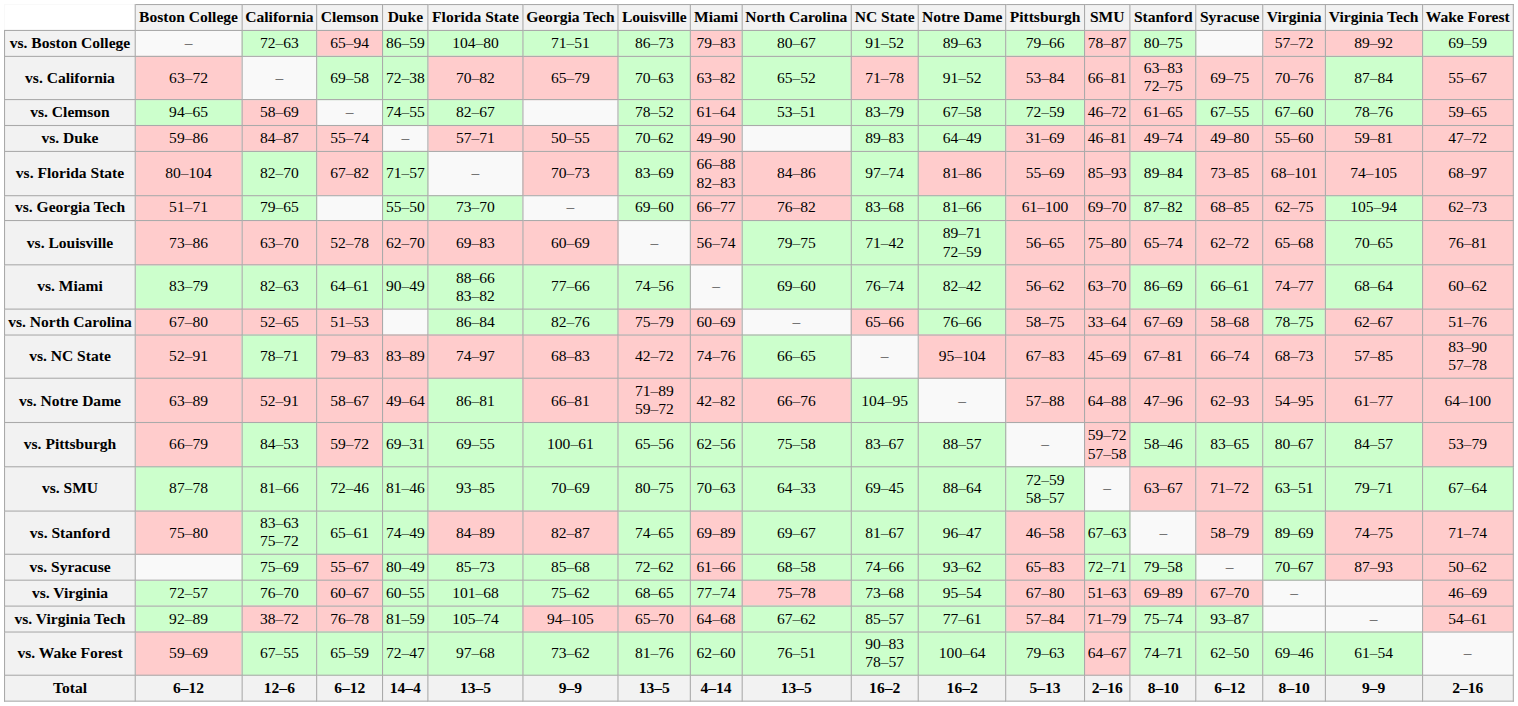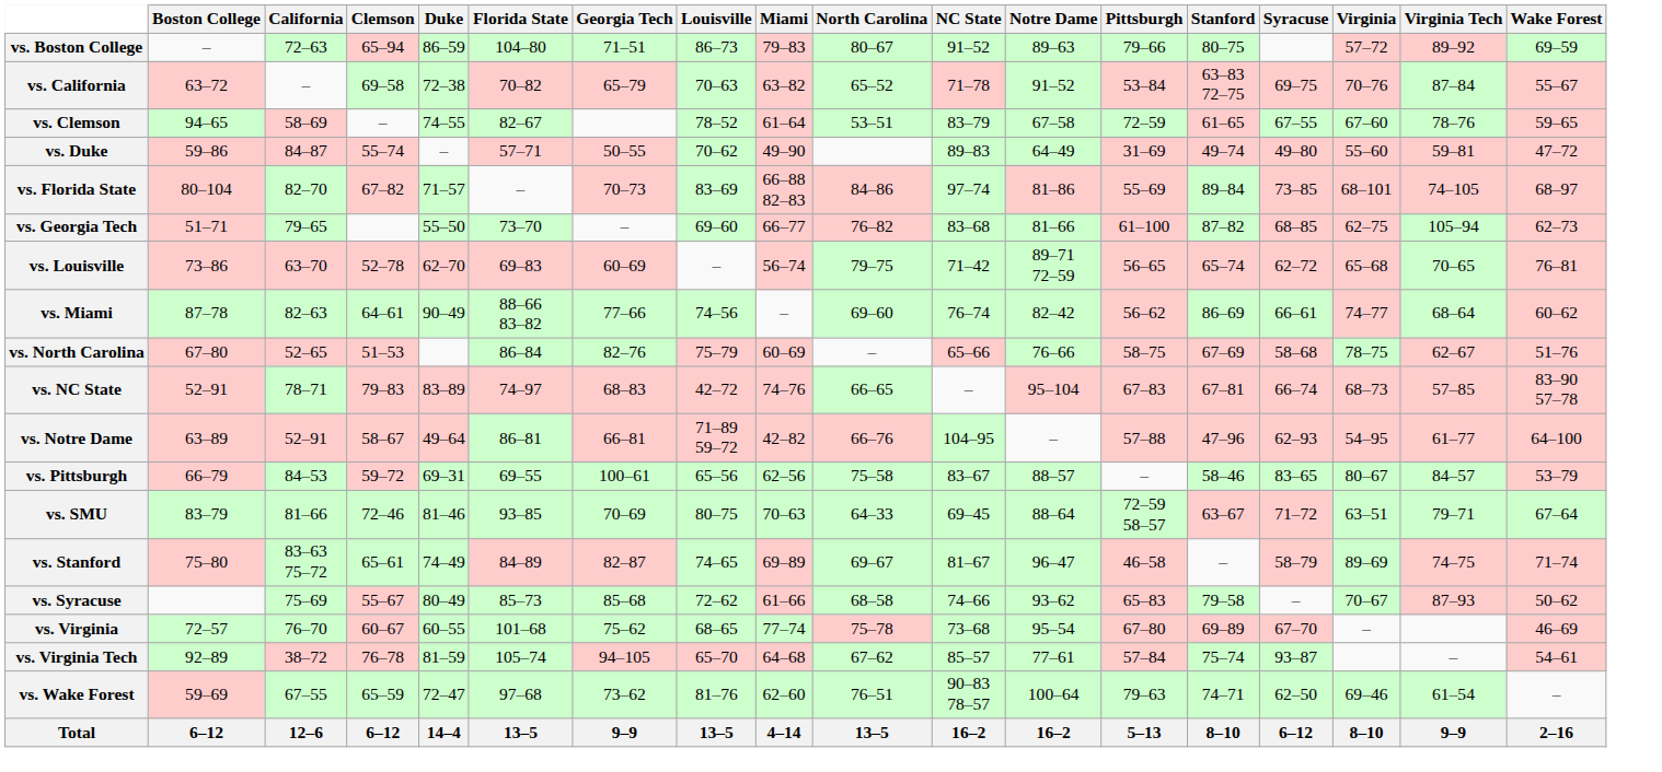 <table class="wikitable" style="white-space:nowrap;font-size:90%;">
 <tr>
 <th colspan=1 style="background:white; border-top-style:hidden; border-left-style:hidden;"   width=75> </th>
 <th>Boston College</th>
 <th>California</th>
 <th>Clemson</th>
 <th>Duke</th>
 <th>Florida State</th>
 <th>Georgia Tech</th>
 <th>Louisville</th>
 <th>Miami</th>
 <th>North Carolina</th>
 <th>NC State</th>
 <th>Notre Dame</th>
 <th>Pittsburgh</th>
-<th>SMU</th>
 <th>Stanford</th>
 <th>Syracuse</th>
 <th>Virginia</th>
 <th>Virginia Tech</th>
 <th>Wake Forest</th>
 </tr>
 <tr style="text-align:center;">
 <th>vs. Boston College</th>
 <td>–</td>
 <td bgcolor=#cfc>72–63</td>
 <td bgcolor=#fcc>65–94</td>
 <td bgcolor=#cfc>86–59</td>
 <td bgcolor=#cfc>104–80</td>
 <td bgcolor=#cfc>71–51</td>
 <td bgcolor=#cfc>86–73</td>
 <td bgcolor=#fcc>79–83</td>
 <td bgcolor=#cfc>80–67</td>
 <td bgcolor=#cfc>91–52</td>
 <td bgcolor=#cfc>89–63</td>
 <td bgcolor=#cfc>79–66</td>
-<td bgcolor=#fcc>78–87</td>
 <td bgcolor=#cfc>80–75</td>
 <td></td>
 <td bgcolor=#fcc>57–72</td>
 <td bgcolor=#fcc>89–92</td>
 <td bgcolor=#cfc>69–59</td>
 </tr>
 <tr style="text-align:center;">
 <th>vs. California</th>
 <td bgcolor=#fcc>63–72</td>
 <td>–</td>
 <td bgcolor=#cfc>69–58</td>
 <td bgcolor=#cfc>72–38</td>
 <td bgcolor=#fcc>70–82</td>
 <td bgcolor=#fcc>65–79</td>
 <td bgcolor=#cfc>70–63</td>
 <td bgcolor=#fcc>63–82</td>
 <td bgcolor=#cfc>65–52</td>
 <td bgcolor=#fcc>71–78</td>
 <td bgcolor=#cfc>91–52</td>
 <td bgcolor=#fcc>53–84</td>
-<td bgcolor=#fcc>66–81</td>
 <td bgcolor=#fcc>63–83<br>72–75</td>
 <td bgcolor=#fcc>69–75</td>
 <td bgcolor=#fcc>70–76</td>
 <td bgcolor=#cfc>87–84</td>
 <td bgcolor=#fcc>55–67</td>
 </tr>
 <tr style="text-align:center;">
 <th>vs. Clemson</th>
 <td bgcolor=#cfc>94–65</td>
 <td bgcolor=#fcc>58–69</td>
 <td>–</td>
 <td bgcolor=#cfc>74–55</td>
 <td bgcolor=#cfc>82–67</td>
 <td></td>
 <td bgcolor=#cfc>78–52</td>
 <td bgcolor=#fcc>61–64</td>
 <td bgcolor=#cfc>53–51</td>
 <td bgcolor=#cfc>83–79</td>
 <td bgcolor=#cfc>67–58</td>
 <td bgcolor=#cfc>72–59</td>
-<td bgcolor=#fcc>46–72</td>
 <td bgcolor=#fcc>61–65</td>
 <td bgcolor=#cfc>67–55</td>
 <td bgcolor=#cfc>67–60</td>
 <td bgcolor=#cfc>78–76</td>
 <td bgcolor=#fcc>59–65</td>
 </tr>
 <tr style="text-align:center;">
 <th>vs. Duke</th>
 <td bgcolor=#fcc>59–86</td>
 <td bgcolor=#fcc>84–87</td>
 <td bgcolor=#fcc>55–74</td>
 <td>–</td>
 <td bgcolor=#fcc>57–71</td>
 <td bgcolor=#fcc>50–55</td>
 <td bgcolor=#cfc>70–62</td>
 <td bgcolor=#fcc>49–90</td>
 <td></td>
 <td bgcolor=#cfc>89–83</td>
 <td bgcolor=#cfc>64–49</td>
 <td bgcolor=#fcc>31–69</td>
-<td bgcolor=#fcc>46–81</td>
 <td bgcolor=#fcc>49–74</td>
 <td bgcolor=#fcc>49–80</td>
 <td bgcolor=#fcc>55–60</td>
 <td bgcolor=#fcc>59–81</td>
 <td bgcolor=#fcc>47–72</td>
 </tr>
 <tr style="text-align:center;">
 <th>vs. Florida State</th>
 <td bgcolor=#fcc>80–104</td>
 <td bgcolor=#cfc>82–70</td>
 <td bgcolor=#fcc>67–82</td>
 <td bgcolor=#cfc>71–57</td>
 <td>–</td>
 <td bgcolor=#fcc>70–73</td>
 <td bgcolor=#cfc>83–69</td>
 <td bgcolor=#fcc>66–88<br>82–83</td>
 <td bgcolor=#fcc>84–86</td>
 <td bgcolor=#cfc>97–74</td>
 <td bgcolor=#fcc>81–86</td>
 <td bgcolor=#fcc>55–69</td>
-<td bgcolor=#fcc>85–93</td>
 <td bgcolor=#cfc>89–84</td>
 <td bgcolor=#fcc>73–85</td>
 <td bgcolor=#fcc>68–101</td>
 <td bgcolor=#fcc>74–105</td>
 <td bgcolor=#fcc>68–97</td>
 </tr>
 <tr style="text-align:center;">
 <th>vs. Georgia Tech</th>
 <td bgcolor=#fcc>51–71</td>
 <td bgcolor=#cfc>79–65</td>
 <td></td>
 <td bgcolor=#cfc>55–50</td>
 <td bgcolor=#cfc>73–70</td>
 <td>–</td>
 <td bgcolor=#cfc>69–60</td>
 <td bgcolor=#fcc>66–77</td>
 <td bgcolor=#fcc>76–82</td>
 <td bgcolor=#cfc>83–68</td>
 <td bgcolor=#cfc>81–66</td>
 <td bgcolor=#fcc>61–100</td>
-<td bgcolor=#fcc>69–70</td>
 <td bgcolor=#cfc>87–82</td>
 <td bgcolor=#fcc>68–85</td>
 <td bgcolor=#fcc>62–75</td>
 <td bgcolor=#cfc>105–94</td>
 <td bgcolor=#fcc>62–73</td>
 </tr>
 <tr style="text-align:center;">
 <th>vs. Louisville</th>
 <td bgcolor=#fcc>73–86</td>
 <td bgcolor=#fcc>63–70</td>
 <td bgcolor=#fcc>52–78</td>
 <td bgcolor=#fcc>62–70</td>
 <td bgcolor=#fcc>69–83</td>
 <td bgcolor=#fcc>60–69</td>
 <td>–</td>
 <td bgcolor=#fcc>56–74</td>
 <td bgcolor=#cfc>79–75</td>
 <td bgcolor=#cfc>71–42</td>
 <td bgcolor=#cfc>89–71<br>72–59</td>
 <td bgcolor=#fcc>56–65</td>
-<td bgcolor=#fcc>75–80</td>
 <td bgcolor=#fcc>65–74</td>
 <td bgcolor=#fcc>62–72</td>
 <td bgcolor=#fcc>65–68</td>
 <td bgcolor=#cfc>70–65</td>
 <td bgcolor=#fcc>76–81</td>
 </tr>
 <tr style="text-align:center;">
 <th>vs. Miami</th>
-<td bgcolor=#cfc>83–79</td>
+<td bgcolor=#cfc>87–78</td>
 <td bgcolor=#cfc>82–63</td>
 <td bgcolor=#cfc>64–61</td>
 <td bgcolor=#cfc>90–49</td>
 <td bgcolor=#cfc>88–66<br>83–82</td>
 <td bgcolor=#cfc>77–66</td>
 <td bgcolor=#cfc>74–56</td>
 <td>–</td>
 <td bgcolor=#cfc>69–60</td>
 <td bgcolor=#cfc>76–74</td>
 <td bgcolor=#cfc>82–42</td>
 <td bgcolor=#fcc>56–62</td>
-<td bgcolor=#fcc>63–70</td>
 <td bgcolor=#cfc>86–69</td>
 <td bgcolor=#cfc>66–61</td>
 <td bgcolor=#fcc>74–77</td>
 <td bgcolor=#cfc>68–64</td>
 <td bgcolor=#fcc>60–62</td>
 </tr>
 <tr style="text-align:center;">
 <th>vs. North Carolina</th>
 <td bgcolor=#fcc>67–80</td>
 <td bgcolor=#fcc>52–65</td>
 <td bgcolor=#fcc>51–53</td>
 <td></td>
 <td bgcolor=#cfc>86–84</td>
 <td bgcolor=#cfc>82–76</td>
 <td bgcolor=#fcc>75–79</td>
 <td bgcolor=#fcc>60–69</td>
 <td>–</td>
 <td bgcolor=#fcc>65–66</td>
 <td bgcolor=#cfc>76–66</td>
 <td bgcolor=#fcc>58–75</td>
-<td bgcolor=#fcc>33–64</td>
 <td bgcolor=#fcc>67–69</td>
 <td bgcolor=#fcc>58–68</td>
 <td bgcolor=#cfc>78–75</td>
 <td bgcolor=#fcc>62–67</td>
 <td bgcolor=#fcc>51–76</td>
 </tr>
 <tr style="text-align:center;">
 <th>vs. NC State</th>
 <td bgcolor=#fcc>52–91</td>
 <td bgcolor=#cfc>78–71</td>
 <td bgcolor=#fcc>79–83</td>
 <td bgcolor=#fcc>83–89</td>
 <td bgcolor=#fcc>74–97</td>
 <td bgcolor=#fcc>68–83</td>
 <td bgcolor=#fcc>42–72</td>
 <td bgcolor=#fcc>74–76</td>
 <td bgcolor=#cfc>66–65</td>
 <td>–</td>
 <td bgcolor=#fcc>95–104</td>
 <td bgcolor=#fcc>67–83</td>
-<td bgcolor=#fcc>45–69</td>
 <td bgcolor=#fcc>67–81</td>
 <td bgcolor=#fcc>66–74</td>
 <td bgcolor=#fcc>68–73</td>
 <td bgcolor=#fcc>57–85</td>
 <td bgcolor=#fcc>83–90<br>57–78</td>
 </tr>
 <tr style="text-align:center;">
 <th>vs. Notre Dame</th>
 <td bgcolor=#fcc>63–89</td>
 <td bgcolor=#fcc>52–91</td>
 <td bgcolor=#fcc>58–67</td>
 <td bgcolor=#fcc>49–64</td>
 <td bgcolor=#cfc>86–81</td>
 <td bgcolor=#fcc>66–81</td>
 <td bgcolor=#fcc>71–89<br>59–72</td>
 <td bgcolor=#fcc>42–82</td>
 <td bgcolor=#fcc>66–76</td>
 <td bgcolor=#cfc>104–95</td>
 <td>–</td>
 <td bgcolor=#fcc>57–88</td>
-<td bgcolor=#fcc>64–88</td>
 <td bgcolor=#fcc>47–96</td>
 <td bgcolor=#fcc>62–93</td>
 <td bgcolor=#fcc>54–95</td>
 <td bgcolor=#fcc>61–77</td>
 <td bgcolor=#fcc>64–100</td>
 </tr>
 <tr style="text-align:center;">
 <th>vs. Pittsburgh</th>
 <td bgcolor=#fcc>66–79</td>
 <td bgcolor=#cfc>84–53</td>
 <td bgcolor=#fcc>59–72</td>
 <td bgcolor=#cfc>69–31</td>
 <td bgcolor=#cfc>69–55</td>
 <td bgcolor=#cfc>100–61</td>
 <td bgcolor=#cfc>65–56</td>
 <td bgcolor=#cfc>62–56</td>
 <td bgcolor=#cfc>75–58</td>
 <td bgcolor=#cfc>83–67</td>
 <td bgcolor=#cfc>88–57</td>
 <td>–</td>
-<td bgcolor=#fcc>59–72<br>57–58</td>
 <td bgcolor=#cfc>58–46</td>
 <td bgcolor=#cfc>83–65</td>
 <td bgcolor=#cfc>80–67</td>
 <td bgcolor=#cfc>84–57</td>
 <td bgcolor=#fcc>53–79</td>
 </tr>
 <tr style="text-align:center;">
 <th>vs. SMU</th>
-<td bgcolor=#cfc>87–78</td>
+<td bgcolor=#cfc>83–79</td>
 <td bgcolor=#cfc>81–66</td>
 <td bgcolor=#cfc>72–46</td>
 <td bgcolor=#cfc>81–46</td>
 <td bgcolor=#cfc>93–85</td>
 <td bgcolor=#cfc>70–69</td>
 <td bgcolor=#cfc>80–75</td>
 <td bgcolor=#cfc>70–63</td>
 <td bgcolor=#cfc>64–33</td>
 <td bgcolor=#cfc>69–45</td>
 <td bgcolor=#cfc>88–64</td>
 <td bgcolor=#cfc>72–59<br>58–57</td>
-<td>–</td>
 <td bgcolor=#fcc>63–67</td>
 <td bgcolor=#fcc>71–72</td>
 <td bgcolor=#cfc>63–51</td>
 <td bgcolor=#cfc>79–71</td>
 <td bgcolor=#cfc>67–64</td>
 </tr>
 <tr style="text-align:center;">
 <th>vs. Stanford</th>
 <td bgcolor=#fcc>75–80</td>
 <td bgcolor=#cfc>83–63<br>75–72</td>
 <td bgcolor=#cfc>65–61</td>
 <td bgcolor=#cfc>74–49</td>
 <td bgcolor=#fcc>84–89</td>
 <td bgcolor=#fcc>82–87</td>
 <td bgcolor=#cfc>74–65</td>
 <td bgcolor=#fcc>69–89</td>
 <td bgcolor=#cfc>69–67</td>
 <td bgcolor=#cfc>81–67</td>
 <td bgcolor=#cfc>96–47</td>
 <td bgcolor=#fcc>46–58</td>
-<td bgcolor=#cfc>67–63</td>
 <td>–</td>
 <td bgcolor=#fcc>58–79</td>
 <td bgcolor=#cfc>89–69</td>
 <td bgcolor=#fcc>74–75</td>
 <td bgcolor=#fcc>71–74</td>
 </tr>
 <tr style="text-align:center;">
 <th>vs. Syracuse</th>
 <td></td>
 <td bgcolor=#cfc>75–69</td>
 <td bgcolor=#fcc>55–67</td>
 <td bgcolor=#cfc>80–49</td>
 <td bgcolor=#cfc>85–73</td>
 <td bgcolor=#cfc>85–68</td>
 <td bgcolor=#cfc>72–62</td>
 <td bgcolor=#fcc>61–66</td>
 <td bgcolor=#cfc>68–58</td>
 <td bgcolor=#cfc>74–66</td>
 <td bgcolor=#cfc>93–62</td>
 <td bgcolor=#fcc>65–83</td>
-<td bgcolor=#cfc>72–71</td>
 <td bgcolor=#cfc>79–58</td>
 <td>–</td>
 <td bgcolor=#cfc>70–67</td>
 <td bgcolor=#fcc>87–93</td>
 <td bgcolor=#fcc>50–62</td>
 </tr>
 <tr style="text-align:center;">
 <th>vs. Virginia</th>
 <td bgcolor=#cfc>72–57</td>
 <td bgcolor=#cfc>76–70</td>
 <td bgcolor=#fcc>60–67</td>
 <td bgcolor=#cfc>60–55</td>
 <td bgcolor=#cfc>101–68</td>
 <td bgcolor=#cfc>75–62</td>
 <td bgcolor=#cfc>68–65</td>
 <td bgcolor=#cfc>77–74</td>
 <td bgcolor=#fcc>75–78</td>
 <td bgcolor=#cfc>73–68</td>
 <td bgcolor=#cfc>95–54</td>
 <td bgcolor=#fcc>67–80</td>
-<td bgcolor=#fcc>51–63</td>
 <td bgcolor=#fcc>69–89</td>
 <td bgcolor=#fcc>67–70</td>
 <td>–</td>
 <td></td>
 <td bgcolor=#fcc>46–69</td>
 </tr>
 <tr style="text-align:center;">
 <th>vs. Virginia Tech</th>
 <td bgcolor=#cfc>92–89</td>
 <td bgcolor=#fcc>38–72</td>
 <td bgcolor=#fcc>76–78</td>
 <td bgcolor=#cfc>81–59</td>
 <td bgcolor=#cfc>105–74</td>
 <td bgcolor=#fcc>94–105</td>
 <td bgcolor=#fcc>65–70</td>
 <td bgcolor=#fcc>64–68</td>
 <td bgcolor=#cfc>67–62</td>
 <td bgcolor=#cfc>85–57</td>
 <td bgcolor=#cfc>77–61</td>
 <td bgcolor=#fcc>57–84</td>
-<td bgcolor=#fcc>71–79</td>
 <td bgcolor=#cfc>75–74</td>
 <td bgcolor=#cfc>93–87</td>
 <td></td>
 <td>–</td>
 <td bgcolor=#fcc>54–61</td>
 </tr>
 <tr style="text-align:center;">
 <th>vs. Wake Forest</th>
 <td bgcolor=#fcc>59–69</td>
 <td bgcolor=#cfc>67–55</td>
 <td bgcolor=#cfc>65–59</td>
 <td bgcolor=#cfc>72–47</td>
 <td bgcolor=#cfc>97–68</td>
 <td bgcolor=#cfc>73–62</td>
 <td bgcolor=#cfc>81–76</td>
 <td bgcolor=#cfc>62–60</td>
 <td bgcolor=#cfc>76–51</td>
 <td bgcolor=#cfc>90–83<br>78–57</td>
 <td bgcolor=#cfc>100–64</td>
 <td bgcolor=#cfc>79–63</td>
-<td bgcolor=#fcc>64–67</td>
 <td bgcolor=#cfc>74–71</td>
 <td bgcolor=#cfc>62–50</td>
 <td bgcolor=#cfc>69–46</td>
 <td bgcolor=#cfc>61–54</td>
 <td>–<br></td>
 </tr>
 <tr style="text-align:center;">
 <th>Total</th>
 <th>6–12</th>
 <th>12–6</th>
 <th>6–12</th>
 <th>14–4</th>
 <th>13–5</th>
 <th>9–9</th>
 <th>13–5</th>
 <th>4–14</th>
 <th>13–5</th>
 <th>16–2</th>
 <th>16–2</th>
 <th>5–13</th>
-<th>2–16</th>
 <th>8–10</th>
 <th>6–12</th>
 <th>8–10</th>
 <th>9–9</th>
 <th>2–16</th>
 </tr>
 </table>
